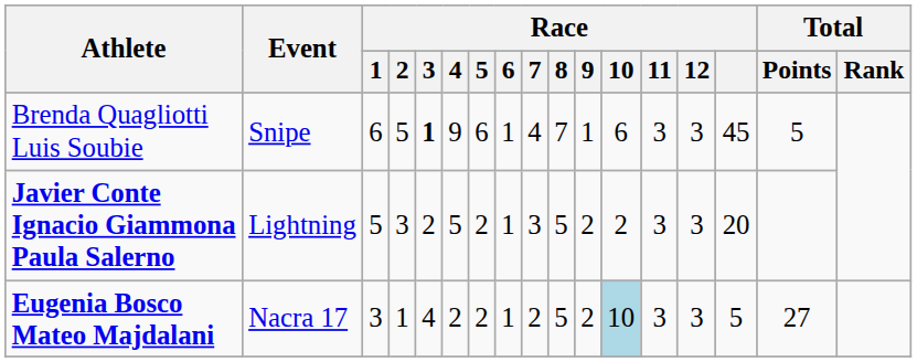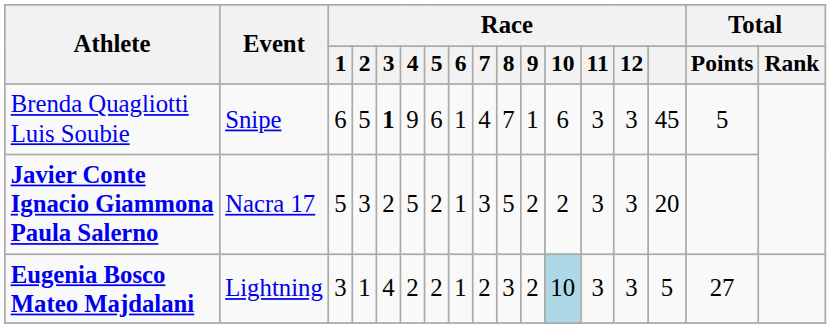 <table class="wikitable" style="font-size:90%;text-align:center">
 <tr>
 <th rowspan=2>Athlete</th>
 <th rowspan=2>Event</th>
 <th colspan=13>Race</th>
 <th colspan=2>Total</th>
 </tr>
 <tr style=font-size:95%>
 <th>1</th>
 <th>2</th>
 <th>3</th>
 <th>4</th>
 <th>5</th>
 <th>6</th>
 <th>7</th>
 <th>8</th>
 <th>9</th>
 <th>10</th>
 <th>11</th>
 <th>12</th>
 <th></th>
 <th>Points</th>
 <th>Rank</th>
 </tr>
 <tr>
 <td style="text-align:left"><a href='#'>Brenda Quagliotti</a><br><a href='#'>Luis Soubie</a></td>
 <td style="text-align:left"><a href='#'>Snipe</a></td>
 <td>6</td>
 <td>5</td>
 <td><strong>1</strong></td>
 <td>9</td>
 <td>6</td>
 <td>1</td>
 <td>4</td>
 <td>7</td>
 <td>1</td>
 <td>6</td>
 <td>3</td>
 <td>3</td>
 <td>45</td>
 <td>5</td>
 </tr>
 <tr>
 <td style="text-align:left"><strong><a href='#'>Javier Conte</a><br><a href='#'>Ignacio Giammona</a><br><a href='#'>Paula Salerno</a></strong></td>
-<td style="text-align:left"><a href='#'>Lightning</a></td>
+<td style="text-align:left"><a href='#'>Nacra 17</a></td>
 <td>5</td>
 <td>3</td>
 <td>2</td>
 <td>5</td>
 <td>2</td>
 <td>1</td>
 <td>3</td>
 <td>5</td>
 <td>2</td>
 <td>2</td>
 <td>3</td>
 <td>3</td>
 <td>20</td>
 <td></td>
 </tr>
 <tr>
 <td style="text-align:left"><strong><a href='#'>Eugenia Bosco</a><br><a href='#'>Mateo Majdalani</a></strong></td>
-<td style="text-align:left"><a href='#'>Nacra 17</a></td>
+<td style="text-align:left"><a href='#'>Lightning</a></td>
 <td>3</td>
 <td>1</td>
 <td>4</td>
 <td>2</td>
 <td>2</td>
 <td>1</td>
 <td>2</td>
-<td>5</td>
+<td>3</td>
 <td>2</td>
 <td style="background: lightblue;">10</td>
 <td>3</td>
 <td>3</td>
 <td>5</td>
 <td>27</td>
 <td></td>
 </tr>
 </table>
